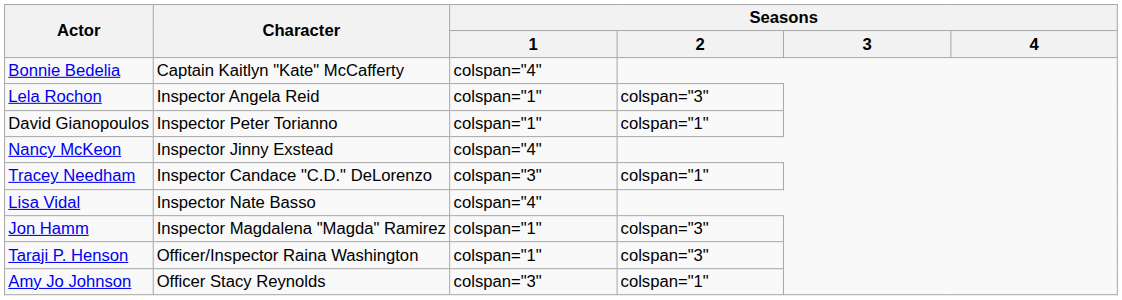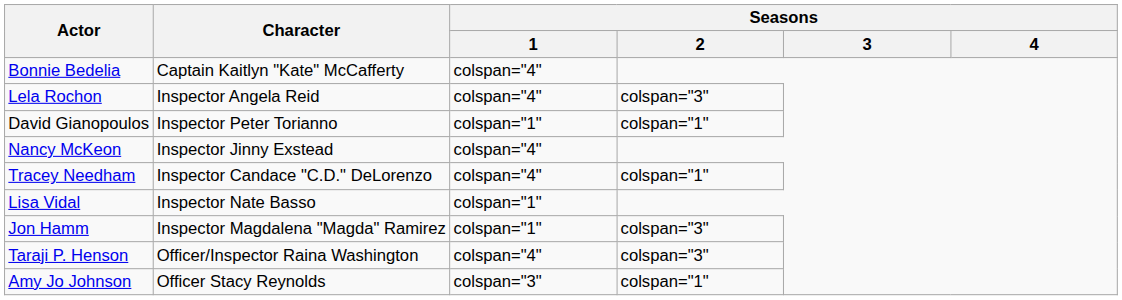 <table class="wikitable">
 <tr>
 <th rowspan="2">Actor</th>
 <th rowspan="2">Character</th>
 <th colspan="7">Seasons</th>
 </tr>
 <tr>
 <th style="width:15%;">1</th>
 <th style="width:15%;">2</th>
 <th style="width:15%;">3</th>
 <th style="width:15%;">4</th>
 </tr>
 <tr>
 <td><a href='#'>Bonnie Bedelia</a></td>
 <td>Captain Kaitlyn "Kate" McCafferty</td>
 <td>colspan="4" </td>
 </tr>
 <tr>
 <td><a href='#'>Lela Rochon</a></td>
 <td>Inspector Angela Reid</td>
-<td>colspan="1" </td>
+<td>colspan="4" </td>
 <td>colspan="3" </td>
 </tr>
 <tr>
 <td>David Gianopoulos</td>
 <td>Inspector Peter Torianno</td>
 <td>colspan="1" </td>
 <td>colspan="1" </td>
 </tr>
 <tr>
 <td><a href='#'>Nancy McKeon</a></td>
 <td>Inspector Jinny Exstead</td>
 <td>colspan="4" </td>
 </tr>
 <tr>
 <td><a href='#'>Tracey Needham</a></td>
 <td>Inspector Candace "C.D." DeLorenzo</td>
-<td>colspan="3" </td>
+<td>colspan="4" </td>
 <td>colspan="1" </td>
 </tr>
 <tr>
 <td><a href='#'>Lisa Vidal</a></td>
 <td>Inspector Nate Basso</td>
-<td>colspan="4" </td>
+<td>colspan="1" </td>
 </tr>
 <tr>
 <td><a href='#'>Jon Hamm</a></td>
 <td>Inspector Magdalena "Magda" Ramirez</td>
 <td>colspan="1" </td>
 <td>colspan="3" </td>
 </tr>
 <tr>
 <td><a href='#'>Taraji P. Henson</a></td>
 <td>Officer/Inspector Raina Washington</td>
-<td>colspan="1" </td>
+<td>colspan="4" </td>
 <td>colspan="3" </td>
 </tr>
 <tr>
 <td><a href='#'>Amy Jo Johnson</a></td>
 <td>Officer Stacy Reynolds</td>
 <td>colspan="3" </td>
 <td>colspan="1" </td>
 </tr>
 </table>
